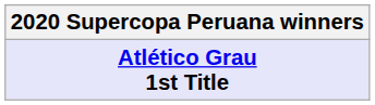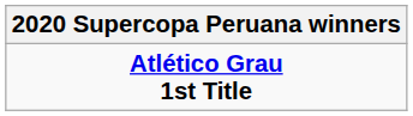 <table class="wikitable" style="text-align: center; margin: 0 auto;">
 <tr>
 <th>2020 Supercopa Peruana winners</th>
 </tr>
 <tr>
-<td style="background: lavender;"><strong><a href='#'>Atlético Grau</a></strong><br><strong>1st Title</strong></td>
+<td><strong><a href='#'>Atlético Grau</a></strong><br><strong>1st Title</strong></td>
 </tr>
 </table>
